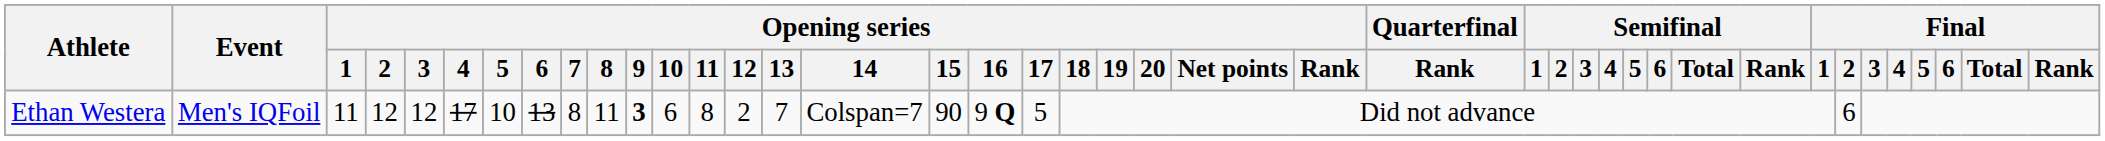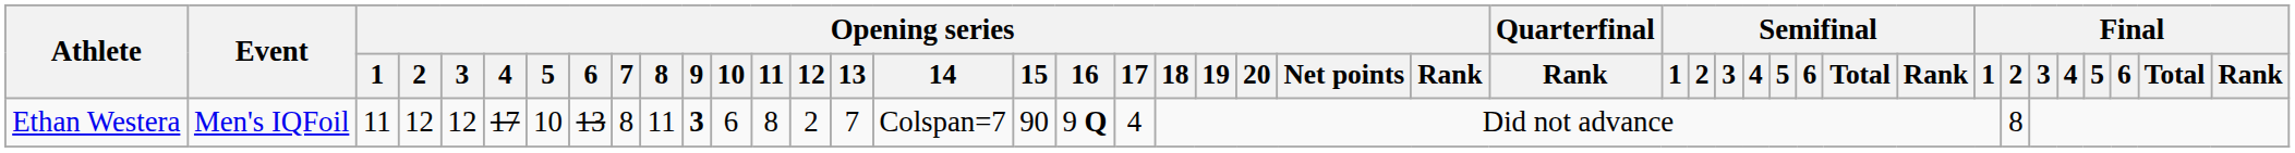 <table class="wikitable" style="font-size:90%">
 <tr>
 <th rowspan=2>Athlete</th>
 <th rowspan=2>Event</th>
 <th colspan=22>Opening series</th>
 <th>Quarterfinal</th>
 <th colspan=8>Semifinal</th>
 <th colspan=8>Final</th>
 </tr>
 <tr style=font-size:95%>
 <th>1</th>
 <th>2</th>
 <th>3</th>
 <th>4</th>
 <th>5</th>
 <th>6</th>
 <th>7</th>
 <th>8</th>
 <th>9</th>
 <th>10</th>
 <th>11</th>
 <th>12</th>
 <th>13</th>
 <th>14</th>
 <th>15</th>
 <th>16</th>
 <th>17</th>
 <th>18</th>
 <th>19</th>
 <th>20</th>
 <th>Net points</th>
 <th>Rank</th>
 <th>Rank</th>
 <th>1</th>
 <th>2</th>
 <th>3</th>
 <th>4</th>
 <th>5</th>
 <th>6</th>
 <th>Total</th>
 <th>Rank</th>
 <th>1</th>
 <th>2</th>
 <th>3</th>
 <th>4</th>
 <th>5</th>
 <th>6</th>
 <th>Total</th>
 <th>Rank</th>
 </tr>
 <tr align=center>
 <td align=left><a href='#'>Ethan Westera</a></td>
 <td align=left><a href='#'>Men's IQFoil</a></td>
 <td>11</td>
 <td>12</td>
 <td>12</td>
 <td><s>17</s></td>
 <td>10</td>
 <td><s>13</s></td>
 <td>8</td>
 <td>11</td>
 <td><strong>3</strong></td>
 <td>6</td>
 <td>8</td>
 <td>2</td>
 <td>7</td>
 <td>Colspan=7 </td>
 <td>90</td>
 <td>9 <strong>Q</strong></td>
-<td>5</td>
+<td>4</td>
 <td colspan=15>Did not advance</td>
-<td>6</td>
+<td>8</td>
 </tr>
 </table>
